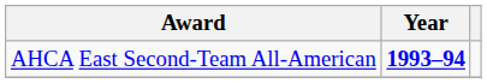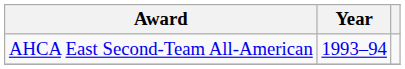 <table class="wikitable">
 <tr>
 <th>Award</th>
 <th>Year</th>
 <th></th>
 </tr>
 <tr>
 <td><a href='#'>AHCA</a> <a href='#'>East Second-Team All-American</a></td>
-<td><strong><a href='#'>1993–94</a></strong></td>
+<td><a href='#'>1993–94</a></td>
 <td></td>
 </tr>
 <tr>
 </tr>
 </table>
